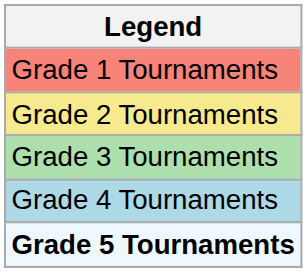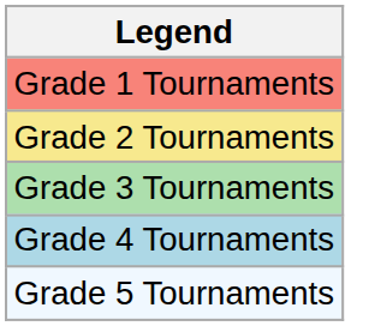 <table class="wikitable" style="font-size:85%">
 <tr>
 <th>Legend</th>
 </tr>
 <tr style="background:#f88379;">
 <td>Grade 1 Tournaments</td>
 </tr>
 <tr style="background:#f7e98e;">
 <td>Grade 2 Tournaments</td>
 </tr>
 <tr style="background:#addfad;">
 <td>Grade 3 Tournaments</td>
 </tr>
 <tr style="background:lightblue;">
 <td>Grade 4 Tournaments</td>
 </tr>
 <tr style="background:#f0f8ff;">
-<td><strong>Grade 5 Tournaments</strong></td>
+<td>Grade 5 Tournaments</td>
 </tr>
 </table>
